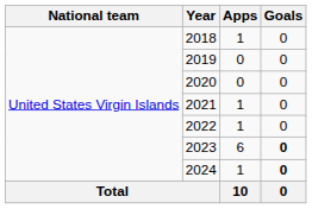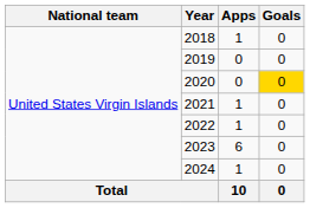 <table class="wikitable" style="text-align:center">
 <tr>
 <th>National team</th>
 <th>Year</th>
 <th>Apps</th>
 <th>Goals</th>
 </tr>
 <tr>
 <td rowspan="7"><a href='#'>United States Virgin Islands</a></td>
 <td>2018</td>
 <td>1</td>
 <td>0</td>
 </tr>
 <tr>
 <td>2019</td>
 <td>0</td>
 <td>0</td>
 </tr>
 <tr>
 <td>2020</td>
 <td>0</td>
-<td>0</td>
+<td style="background: gold;">0</td>
 </tr>
 <tr>
 <td>2021</td>
 <td>1</td>
 <td>0</td>
 </tr>
 <tr>
 <td>2022</td>
 <td>1</td>
 <td>0</td>
 </tr>
 <tr>
 <td>2023</td>
 <td>6</td>
-<td><strong>0</strong></td>
+<td>0</td>
 </tr>
 <tr>
 <td>2024</td>
 <td>1</td>
-<td><strong>0</strong></td>
+<td>0</td>
 </tr>
 <tr>
 <th colspan="2">Total</th>
 <th>10</th>
 <th>0</th>
 </tr>
 </table>
